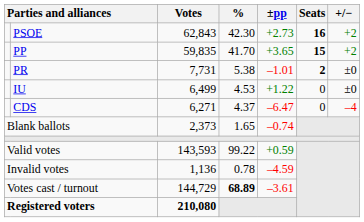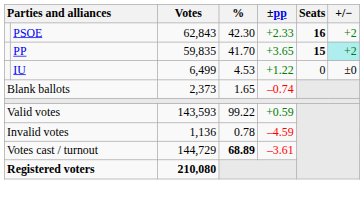 <table class="wikitable" style="text-align:right;">
 <tr>
 <th style="text-align:left;" colspan="2" width="200">Parties and alliances</th>
 <th width="75">Votes</th>
 <th width="45">%</th>
 <th width="45">±<a href='#'>pp</a></th>
 <th width="35">Seats</th>
 <th width="35">+/−</th>
 </tr>
 <tr>
 <td width="1" style="color:inherit;background:"></td>
 <td align="left"><a href='#'>PSOE</a></td>
 <td>62,843</td>
 <td>42.30</td>
-<td style="color:green;">+2.73</td>
+<td style="color:green;">+2.33</td>
 <td><strong>16</strong></td>
 <td style="color:green;">+2</td>
 </tr>
 <tr>
 <td style="color:inherit;background:"></td>
 <td align="left"><a href='#'>PP</a></td>
 <td>59,835</td>
 <td>41.70</td>
 <td style="color:green;">+3.65</td>
 <td><strong>15</strong></td>
-<td style="color:green;">+2</td>
-</tr>
-<tr>
-<td style="color:inherit;background:"></td>
-<td align="left"><a href='#'>PR</a></td>
-<td>7,731</td>
-<td>5.38</td>
-<td style="color:red;">–1.01</td>
-<td><strong>2</strong></td>
-<td>±0</td>
+<td style="background: paleturquoise; color:green;">+2</td>
 </tr>
 <tr>
 <td style="color:inherit;background:"></td>
 <td align="left"><a href='#'>IU</a></td>
 <td>6,499</td>
 <td>4.53</td>
 <td style="color:green;">+1.22</td>
 <td>0</td>
 <td>±0</td>
-</tr>
-<tr>
-<td style="color:inherit;background:"></td>
-<td align="left"><a href='#'>CDS</a></td>
-<td>6,271</td>
-<td>4.37</td>
-<td style="color:red;">–6.47</td>
-<td>0</td>
-<td style="color:red;">–4</td>
 </tr>
 <tr>
 <td align="left" colspan="2">Blank ballots</td>
 <td>2,373</td>
 <td>1.65</td>
 <td style="color:red;">–0.74</td>
 <td bgcolor="#E9E9E9" colspan="2"></td>
 </tr>
 <tr>
 <td colspan="7" bgcolor="#E9E9E9"></td>
 </tr>
 <tr>
 <td align="left" colspan="2">Valid votes</td>
 <td>143,593</td>
 <td>99.22</td>
 <td style="color:green;">+0.59</td>
 <td bgcolor="#E9E9E9" colspan="2" rowspan="4"></td>
 </tr>
 <tr>
 <td align="left" colspan="2">Invalid votes</td>
 <td>1,136</td>
 <td>0.78</td>
 <td style="color:red;">–4.59</td>
 </tr>
 <tr>
 <td align="left" colspan="2">Votes cast / turnout</td>
 <td>144,729</td>
 <td><strong>68.89</strong></td>
 <td style="color:red;">–3.61</td>
 </tr>
 <tr style="font-weight:bold;">
 <td align="left" colspan="2">Registered voters</td>
 <td>210,080</td>
 <td bgcolor="#E9E9E9" colspan="2"></td>
 </tr>
 </table>
